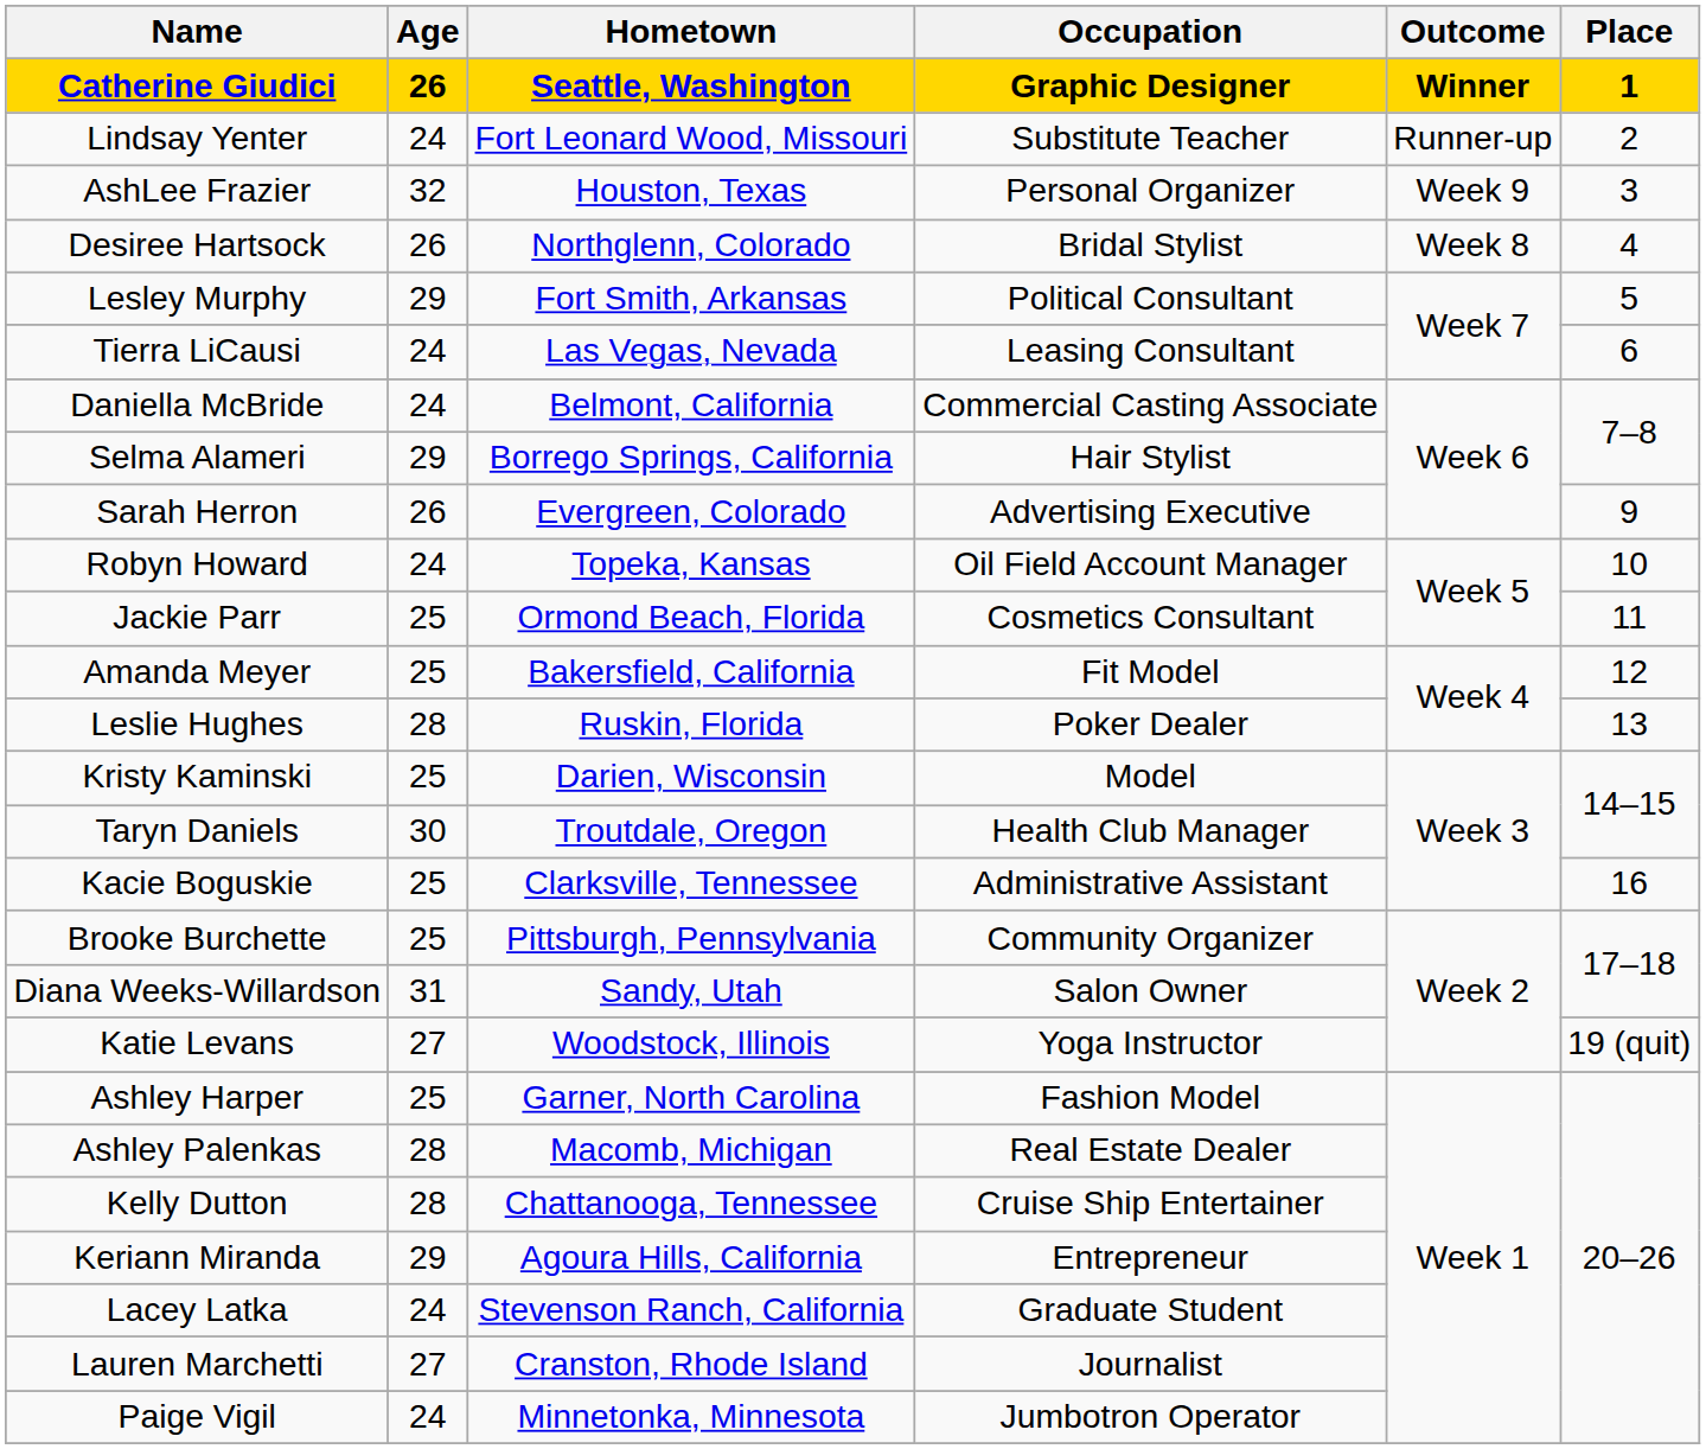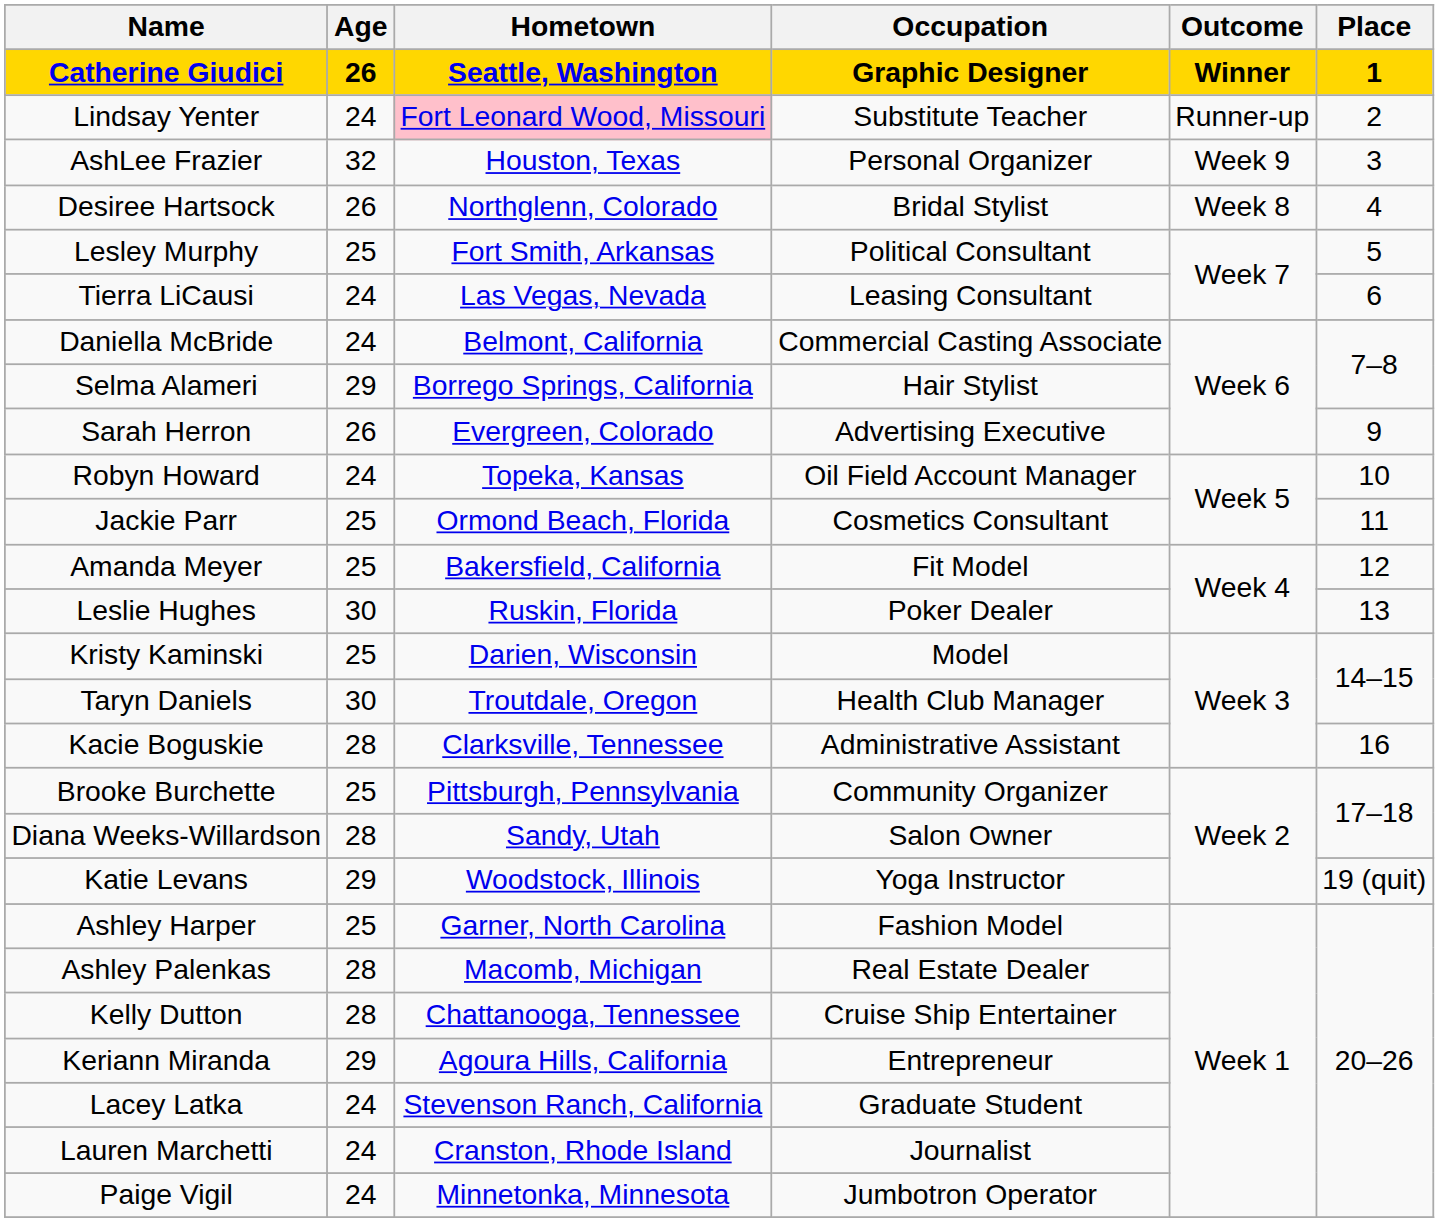 <table class="wikitable sortable" style="text-align:center;">
 <tr>
 <th>Name</th>
 <th>Age</th>
 <th>Hometown</th>
 <th>Occupation</th>
 <th>Outcome</th>
 <th>Place</th>
 </tr>
 <tr bgcolor="gold">
 <td><strong><a href='#'>Catherine Giudici</a></strong></td>
 <td><strong>26</strong></td>
 <td><strong><a href='#'>Seattle, Washington</a></strong></td>
 <td><strong>Graphic Designer</strong></td>
 <td><strong>Winner</strong></td>
 <td><strong>1</strong></td>
 </tr>
 <tr>
 <td>Lindsay Yenter</td>
 <td>24</td>
-<td><a href='#'>Fort Leonard Wood, Missouri</a></td>
+<td style="background: pink;"><a href='#'>Fort Leonard Wood, Missouri</a></td>
 <td>Substitute Teacher</td>
 <td>Runner-up</td>
 <td>2</td>
 </tr>
 <tr>
 <td>AshLee Frazier</td>
 <td>32</td>
 <td><a href='#'>Houston, Texas</a></td>
 <td>Personal Organizer</td>
 <td>Week 9</td>
 <td>3</td>
 </tr>
 <tr>
 <td>Desiree Hartsock</td>
 <td>26</td>
 <td><a href='#'>Northglenn, Colorado</a></td>
 <td>Bridal Stylist</td>
 <td>Week 8</td>
 <td>4</td>
 </tr>
 <tr>
 <td>Lesley Murphy</td>
-<td>29</td>
+<td>25</td>
 <td><a href='#'>Fort Smith, Arkansas</a></td>
 <td>Political Consultant</td>
 <td rowspan="2">Week 7</td>
 <td>5</td>
 </tr>
 <tr>
 <td>Tierra LiCausi</td>
 <td>24</td>
 <td><a href='#'>Las Vegas, Nevada</a></td>
 <td>Leasing Consultant</td>
 <td>6</td>
 </tr>
 <tr>
 <td>Daniella McBride</td>
 <td>24</td>
 <td><a href='#'>Belmont, California</a></td>
 <td>Commercial Casting Associate</td>
 <td rowspan="3">Week 6</td>
 <td rowspan="2">7–8</td>
 </tr>
 <tr>
 <td>Selma Alameri</td>
 <td>29</td>
 <td><a href='#'>Borrego Springs, California</a></td>
 <td>Hair Stylist</td>
 </tr>
 <tr>
 <td>Sarah Herron</td>
 <td>26</td>
 <td><a href='#'>Evergreen, Colorado</a></td>
 <td>Advertising Executive</td>
 <td>9</td>
 </tr>
 <tr>
 <td>Robyn Howard</td>
 <td>24</td>
 <td><a href='#'>Topeka, Kansas</a></td>
 <td>Oil Field Account Manager</td>
 <td rowspan="2">Week 5</td>
 <td>10</td>
 </tr>
 <tr>
 <td>Jackie Parr</td>
 <td>25</td>
 <td><a href='#'>Ormond Beach, Florida</a></td>
 <td>Cosmetics Consultant</td>
 <td>11</td>
 </tr>
 <tr>
 <td>Amanda Meyer</td>
 <td>25</td>
 <td><a href='#'>Bakersfield, California</a></td>
 <td>Fit Model</td>
 <td rowspan="2">Week 4</td>
 <td>12</td>
 </tr>
 <tr>
 <td>Leslie Hughes</td>
-<td>28</td>
+<td>30</td>
 <td><a href='#'>Ruskin, Florida</a></td>
 <td>Poker Dealer</td>
 <td>13</td>
 </tr>
 <tr>
 <td>Kristy Kaminski</td>
 <td>25</td>
 <td><a href='#'>Darien, Wisconsin</a></td>
 <td>Model</td>
 <td rowspan="3">Week 3</td>
 <td rowspan="2">14–15</td>
 </tr>
 <tr>
 <td>Taryn Daniels</td>
 <td>30</td>
 <td><a href='#'>Troutdale, Oregon</a></td>
 <td>Health Club Manager</td>
 </tr>
 <tr>
 <td>Kacie Boguskie</td>
-<td>25</td>
+<td>28</td>
 <td><a href='#'>Clarksville, Tennessee</a></td>
 <td>Administrative Assistant</td>
 <td>16</td>
 </tr>
 <tr>
 <td>Brooke Burchette</td>
 <td>25</td>
 <td><a href='#'>Pittsburgh, Pennsylvania</a></td>
 <td>Community Organizer</td>
 <td rowspan="3">Week 2</td>
 <td rowspan="2">17–18</td>
 </tr>
 <tr>
 <td>Diana Weeks-Willardson</td>
-<td>31</td>
+<td>28</td>
 <td><a href='#'>Sandy, Utah</a></td>
 <td>Salon Owner</td>
 </tr>
 <tr>
 <td>Katie Levans</td>
-<td>27</td>
+<td>29</td>
 <td><a href='#'>Woodstock, Illinois</a></td>
 <td>Yoga Instructor</td>
 <td>19 (quit)</td>
 </tr>
 <tr>
 <td>Ashley Harper</td>
 <td>25</td>
 <td><a href='#'>Garner, North Carolina</a></td>
 <td>Fashion Model</td>
 <td rowspan="7">Week 1</td>
 <td rowspan="7">20–26</td>
 </tr>
 <tr>
 <td>Ashley Palenkas</td>
 <td>28</td>
 <td><a href='#'>Macomb, Michigan</a></td>
 <td>Real Estate Dealer</td>
 </tr>
 <tr>
 <td>Kelly Dutton</td>
 <td>28</td>
 <td><a href='#'>Chattanooga, Tennessee</a></td>
 <td>Cruise Ship Entertainer</td>
 </tr>
 <tr>
 <td>Keriann Miranda</td>
 <td>29</td>
 <td><a href='#'>Agoura Hills, California</a></td>
 <td>Entrepreneur</td>
 </tr>
 <tr>
 <td>Lacey Latka</td>
 <td>24</td>
 <td><a href='#'>Stevenson Ranch, California</a></td>
 <td>Graduate Student</td>
 </tr>
 <tr>
 <td>Lauren Marchetti</td>
-<td>27</td>
+<td>24</td>
 <td><a href='#'>Cranston, Rhode Island</a></td>
 <td>Journalist</td>
 </tr>
 <tr>
 <td>Paige Vigil</td>
 <td>24</td>
 <td><a href='#'>Minnetonka, Minnesota</a></td>
 <td>Jumbotron Operator</td>
 </tr>
 <tr>
 </tr>
 </table>
